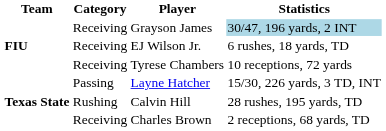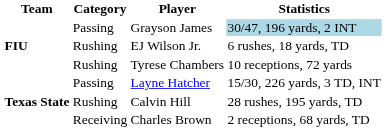 <table class="wiki table" style="float: left;">
 <tr>
 <th>Team</th>
 <th>Category</th>
 <th>Player</th>
 <th>Statistics</th>
 </tr>
 <tr>
 <td rowspan=3><strong>FIU</strong></td>
-<td>Receiving</td>
+<td>Passing</td>
 <td>Grayson James</td>
 <td style="background: lightblue;">30/47, 196 yards, 2 INT</td>
 </tr>
 <tr>
-<td>Receiving</td>
+<td>Rushing</td>
 <td>EJ Wilson Jr.</td>
 <td>6 rushes, 18 yards, TD</td>
 </tr>
 <tr>
-<td>Receiving</td>
+<td>Rushing</td>
 <td>Tyrese Chambers</td>
 <td>10 receptions, 72 yards</td>
 </tr>
 <tr>
 <td rowspan=3><strong>Texas State</strong></td>
 <td>Passing</td>
 <td><a href='#'>Layne Hatcher</a></td>
 <td>15/30, 226 yards, 3 TD, INT</td>
 </tr>
 <tr>
 <td>Rushing</td>
 <td>Calvin Hill</td>
 <td>28 rushes, 195 yards, TD</td>
 </tr>
 <tr>
 <td>Receiving</td>
 <td>Charles Brown</td>
 <td>2 receptions, 68 yards, TD</td>
 </tr>
 </table>
